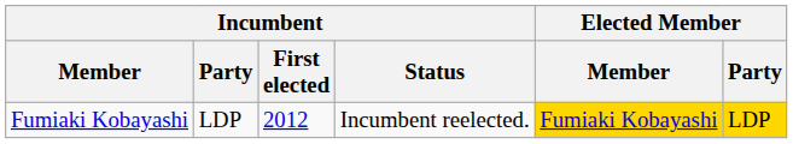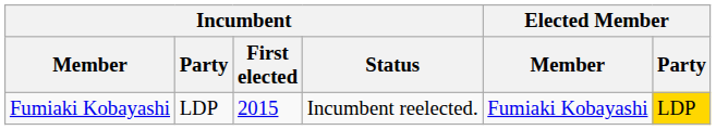 <table class="wikitable sortable">
 <tr>
 <th colspan=4>Incumbent</th>
 <th colspan=2>Elected Member</th>
 </tr>
 <tr>
 <th>Member</th>
 <th>Party</th>
 <th>First<br>elected</th>
 <th>Status</th>
 <th>Member</th>
 <th>Party</th>
 </tr>
 <tr>
 <td><a href='#'>Fumiaki Kobayashi</a></td>
 <td>LDP</td>
-<td><a href='#'>2012</a></td>
+<td><a href='#'>2015</a></td>
 <td>Incumbent reelected.</td>
-<td style="background: gold;"><a href='#'>Fumiaki Kobayashi</a></td>
+<td><a href='#'>Fumiaki Kobayashi</a></td>
 <td style="background: gold;">LDP</td>
 </tr>
 </table>
